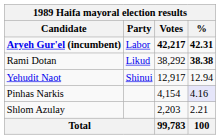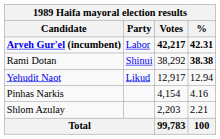 <table class="wikitable sortable">
 <tr>
 <th colspan=4><strong>1989 Haifa mayoral election results</strong></th>
 </tr>
 <tr>
 <th>Candidate</th>
 <th>Party</th>
 <th>Votes</th>
 <th>%</th>
 </tr>
 <tr>
 <td><strong><a href='#'>Aryeh Gur'el</a> (incumbent)</strong></td>
 <td><a href='#'>Labor</a></td>
 <td><strong>42,217</strong></td>
 <td><strong>42.31</strong></td>
 </tr>
 <tr>
 <td>Rami Dotan</td>
-<td><a href='#'>Likud</a></td>
+<td><a href='#'>Shinui</a></td>
 <td>38,292</td>
 <td><strong>38.38</strong></td>
 </tr>
 <tr>
 <td><a href='#'>Yehudit Naot</a></td>
-<td><a href='#'>Shinui</a></td>
+<td><a href='#'>Likud</a></td>
 <td>12,917</td>
 <td>12.94</td>
 </tr>
 <tr>
 <td>Pinhas Narkis</td>
 <td></td>
 <td>4,154</td>
-<td style="background: lavender;">4.16</td>
+<td>4.16</td>
 </tr>
 <tr>
 <td>Shlom Azulay</td>
 <td></td>
 <td>2,203</td>
 <td>2.21</td>
 </tr>
 <tr>
 <th colspan=2>Total</th>
 <th>99,783</th>
 <th>100</th>
 </tr>
 </table>
